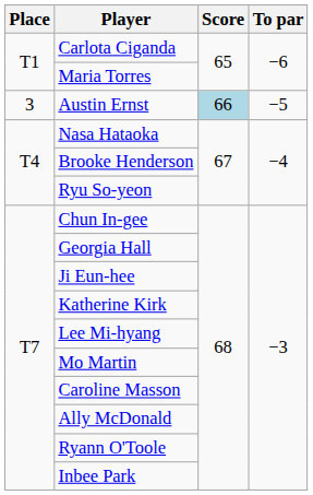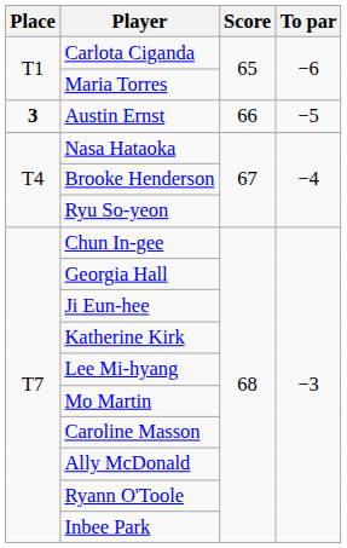 <table class="wikitable">
 <tr>
 <th>Place</th>
 <th>Player</th>
 <th>Score</th>
 <th>To par</th>
 </tr>
 <tr>
 <td align=center rowspan=2>T1</td>
 <td> <a href='#'>Carlota Ciganda</a></td>
 <td align=center rowspan=2>65</td>
 <td align=center rowspan=2>−6</td>
 </tr>
 <tr>
 <td> <a href='#'>Maria Torres</a></td>
 </tr>
 <tr>
-<td align=center>3</td>
+<td align=center><strong>3</strong></td>
 <td> <a href='#'>Austin Ernst</a></td>
-<td align=center style="background: lightblue;">66</td>
+<td align=center>66</td>
 <td align=center>−5</td>
 </tr>
 <tr>
 <td align=center rowspan=3>T4</td>
 <td> <a href='#'>Nasa Hataoka</a></td>
 <td align=center rowspan=3>67</td>
 <td align=center rowspan=3>−4</td>
 </tr>
 <tr>
 <td> <a href='#'>Brooke Henderson</a></td>
 </tr>
 <tr>
 <td> <a href='#'>Ryu So-yeon</a></td>
 </tr>
 <tr>
 <td align=center rowspan=10>T7</td>
 <td> <a href='#'>Chun In-gee</a></td>
 <td align=center rowspan=10>68</td>
 <td align=center rowspan=10>−3</td>
 </tr>
 <tr>
 <td> <a href='#'>Georgia Hall</a></td>
 </tr>
 <tr>
 <td> <a href='#'>Ji Eun-hee</a></td>
 </tr>
 <tr>
 <td> <a href='#'>Katherine Kirk</a></td>
 </tr>
 <tr>
 <td> <a href='#'>Lee Mi-hyang</a></td>
 </tr>
 <tr>
 <td> <a href='#'>Mo Martin</a></td>
 </tr>
 <tr>
 <td> <a href='#'>Caroline Masson</a></td>
 </tr>
 <tr>
 <td> <a href='#'>Ally McDonald</a></td>
 </tr>
 <tr>
 <td> <a href='#'>Ryann O'Toole</a></td>
 </tr>
 <tr>
 <td> <a href='#'>Inbee Park</a></td>
 </tr>
 </table>
